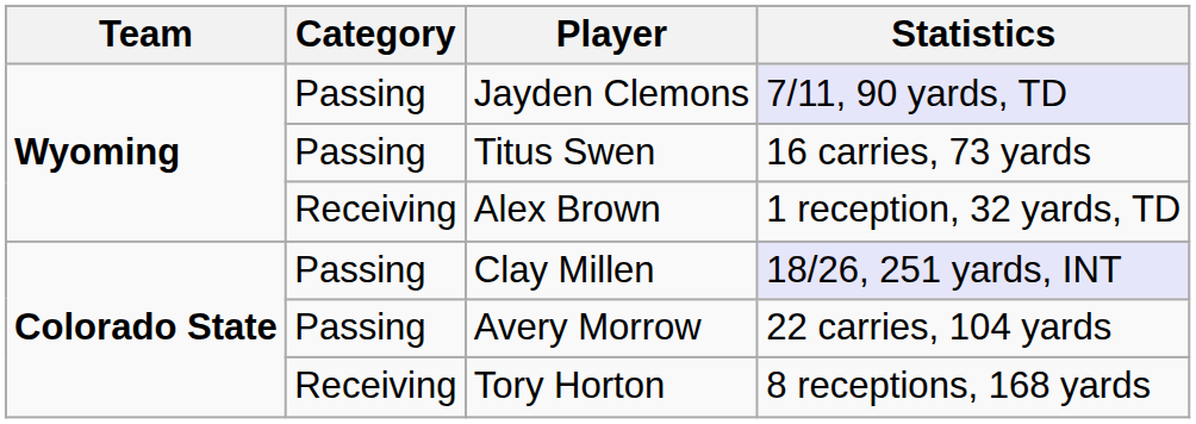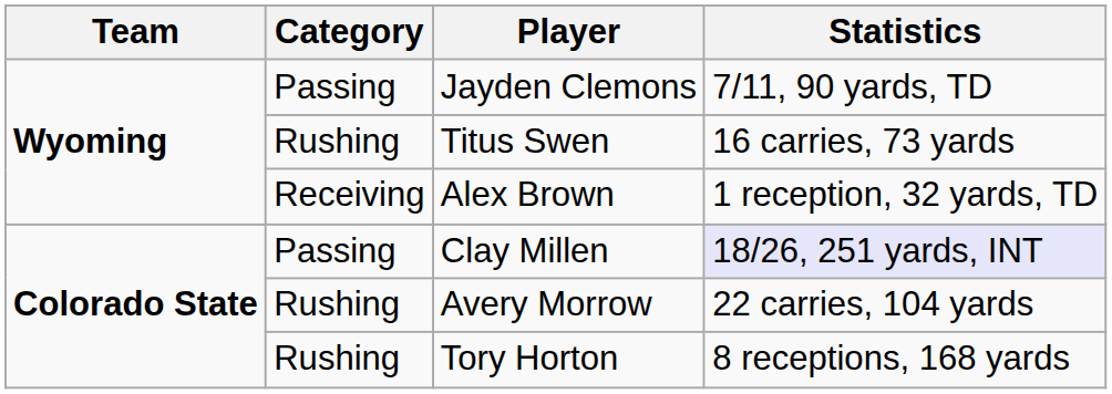 <table class="wikitable" style="float: left;">
 <tr>
 <th>Team</th>
 <th>Category</th>
 <th>Player</th>
 <th>Statistics</th>
 </tr>
 <tr>
 <td rowspan=3><strong>Wyoming</strong></td>
 <td>Passing</td>
 <td>Jayden Clemons</td>
-<td style="background: lavender;">7/11, 90 yards, TD</td>
+<td>7/11, 90 yards, TD</td>
 </tr>
 <tr>
-<td>Passing</td>
+<td>Rushing</td>
 <td>Titus Swen</td>
 <td>16 carries, 73 yards</td>
 </tr>
 <tr>
 <td>Receiving</td>
 <td>Alex Brown</td>
 <td>1 reception, 32 yards, TD</td>
 </tr>
 <tr>
 <td rowspan=3><strong>Colorado State</strong></td>
 <td>Passing</td>
 <td>Clay Millen</td>
 <td style="background: lavender;">18/26, 251 yards, INT</td>
 </tr>
 <tr>
-<td>Passing</td>
+<td>Rushing</td>
 <td>Avery Morrow</td>
 <td>22 carries, 104 yards</td>
 </tr>
 <tr>
-<td>Receiving</td>
+<td>Rushing</td>
 <td>Tory Horton</td>
 <td>8 receptions, 168 yards</td>
 </tr>
 </table>
